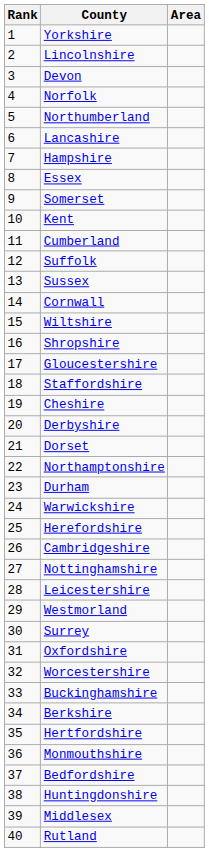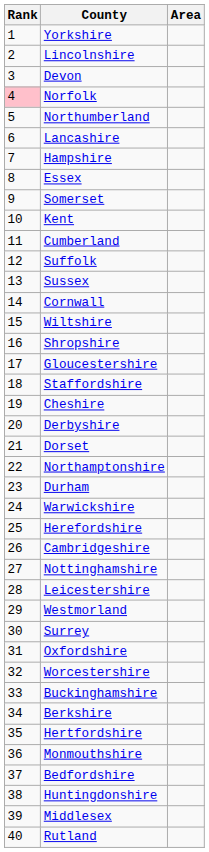 <table class="wikitable sortable">
 <tr>
 <th>Rank</th>
 <th>County</th>
 <th class="unsortable">Area</th>
 </tr>
 <tr>
 <td>1</td>
 <td><a href='#'>Yorkshire</a></td>
 <td></td>
 </tr>
 <tr>
 <td>2</td>
 <td><a href='#'>Lincolnshire</a></td>
 <td></td>
 </tr>
 <tr>
 <td>3</td>
 <td><a href='#'>Devon</a></td>
 <td></td>
 </tr>
 <tr>
-<td>4</td>
+<td style="background: pink;">4</td>
 <td><a href='#'>Norfolk</a></td>
 <td></td>
 </tr>
 <tr>
 <td>5</td>
 <td><a href='#'>Northumberland</a></td>
 <td></td>
 </tr>
 <tr>
 <td>6</td>
 <td><a href='#'>Lancashire</a></td>
 <td></td>
 </tr>
 <tr>
 <td>7</td>
 <td><a href='#'>Hampshire</a></td>
 <td></td>
 </tr>
 <tr>
 <td>8</td>
 <td><a href='#'>Essex</a></td>
 <td></td>
 </tr>
 <tr>
 <td>9</td>
 <td><a href='#'>Somerset</a></td>
 <td></td>
 </tr>
 <tr>
 <td>10</td>
 <td><a href='#'>Kent</a></td>
 <td></td>
 </tr>
 <tr>
 <td>11</td>
 <td><a href='#'>Cumberland</a></td>
 <td></td>
 </tr>
 <tr>
 <td>12</td>
 <td><a href='#'>Suffolk</a></td>
 <td></td>
 </tr>
 <tr>
 <td>13</td>
 <td><a href='#'>Sussex</a></td>
 <td></td>
 </tr>
 <tr>
 <td>14</td>
 <td><a href='#'>Cornwall</a></td>
 <td></td>
 </tr>
 <tr>
 <td>15</td>
 <td><a href='#'>Wiltshire</a></td>
 <td></td>
 </tr>
 <tr>
 <td>16</td>
 <td><a href='#'>Shropshire</a></td>
 <td></td>
 </tr>
 <tr>
 <td>17</td>
 <td><a href='#'>Gloucestershire</a></td>
 <td></td>
 </tr>
 <tr>
 <td>18</td>
 <td><a href='#'>Staffordshire</a></td>
 <td></td>
 </tr>
 <tr>
 <td>19</td>
 <td><a href='#'>Cheshire</a></td>
 <td></td>
 </tr>
 <tr>
 <td>20</td>
 <td><a href='#'>Derbyshire</a></td>
 <td></td>
 </tr>
 <tr>
 <td>21</td>
 <td><a href='#'>Dorset</a></td>
 <td></td>
 </tr>
 <tr>
 <td>22</td>
 <td><a href='#'>Northamptonshire</a></td>
 <td></td>
 </tr>
 <tr>
 <td>23</td>
 <td><a href='#'>Durham</a></td>
 <td></td>
 </tr>
 <tr>
 <td>24</td>
 <td><a href='#'>Warwickshire</a></td>
 <td></td>
 </tr>
 <tr>
 <td>25</td>
 <td><a href='#'>Herefordshire</a></td>
 <td></td>
 </tr>
 <tr>
 <td>26</td>
 <td><a href='#'>Cambridgeshire</a></td>
 <td></td>
 </tr>
 <tr>
 <td>27</td>
 <td><a href='#'>Nottinghamshire</a></td>
 <td></td>
 </tr>
 <tr>
 <td>28</td>
 <td><a href='#'>Leicestershire</a></td>
 <td></td>
 </tr>
 <tr>
 <td>29</td>
 <td><a href='#'>Westmorland</a></td>
 <td></td>
 </tr>
 <tr>
 <td>30</td>
 <td><a href='#'>Surrey</a></td>
 <td></td>
 </tr>
 <tr>
 <td>31</td>
 <td><a href='#'>Oxfordshire</a></td>
 <td></td>
 </tr>
 <tr>
 <td>32</td>
 <td><a href='#'>Worcestershire</a></td>
 <td></td>
 </tr>
 <tr>
 <td>33</td>
 <td><a href='#'>Buckinghamshire</a></td>
 <td></td>
 </tr>
 <tr>
 <td>34</td>
 <td><a href='#'>Berkshire</a></td>
 <td></td>
 </tr>
 <tr>
 <td>35</td>
 <td><a href='#'>Hertfordshire</a></td>
 <td></td>
 </tr>
 <tr>
 <td>36</td>
 <td><a href='#'>Monmouthshire</a></td>
 <td></td>
 </tr>
 <tr>
 <td>37</td>
 <td><a href='#'>Bedfordshire</a></td>
 <td></td>
 </tr>
 <tr>
 <td>38</td>
 <td><a href='#'>Huntingdonshire</a></td>
 <td></td>
 </tr>
 <tr>
 <td>39</td>
 <td><a href='#'>Middlesex</a></td>
 <td></td>
 </tr>
 <tr>
 <td>40</td>
 <td><a href='#'>Rutland</a></td>
 <td></td>
 </tr>
 </table>
